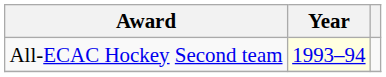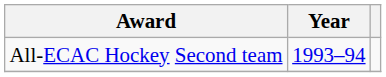 <table class="wikitable">
 <tr>
 <th>Award</th>
 <th>Year</th>
 <th></th>
 </tr>
 <tr>
 <td>All-<a href='#'>ECAC Hockey</a> <a href='#'>Second team</a></td>
-<td style="background: lightyellow;"><a href='#'>1993–94</a></td>
+<td><a href='#'>1993–94</a></td>
 <td></td>
 </tr>
 <tr>
 </tr>
 </table>
